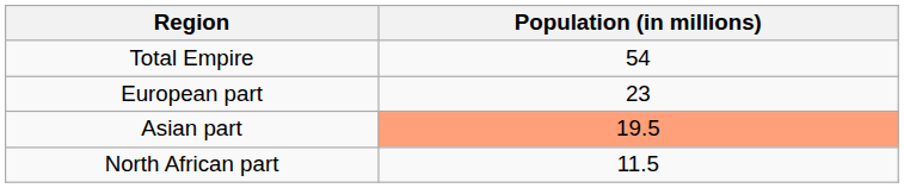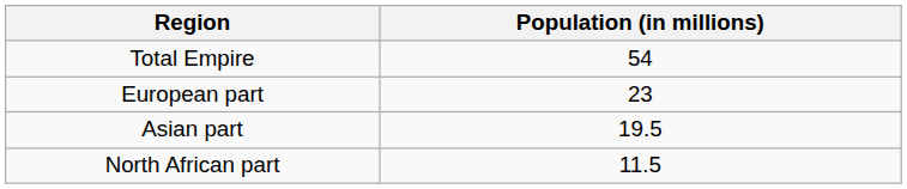 <table class="wikitable" style="text-align:center; width:40em">
 <tr>
 <th>Region</th>
 <th>Population (in millions)</th>
 </tr>
 <tr>
 <td>Total Empire</td>
 <td>54</td>
 </tr>
 <tr>
 <td>European part</td>
 <td>23</td>
 </tr>
 <tr>
 <td>Asian part</td>
-<td style="background: lightsalmon;">19.5</td>
+<td>19.5</td>
 </tr>
 <tr>
 <td>North African part</td>
 <td>11.5</td>
 </tr>
 </table>
